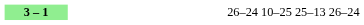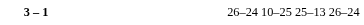 <table>
 <tr>
 <th width=200></th>
 <th width=80></th>
 <th width=200></th>
 <th width=220></th>
 </tr>
 <tr>
 <td align=right><strong></strong></td>
-<td align=center style="background: lightgreen;"><strong>3 – 1</strong></td>
+<td align=center><strong>3 – 1</strong></td>
 <td></td>
 <td>26–24 10–25 25–13 26–24</td>
 </tr>
 </table>
